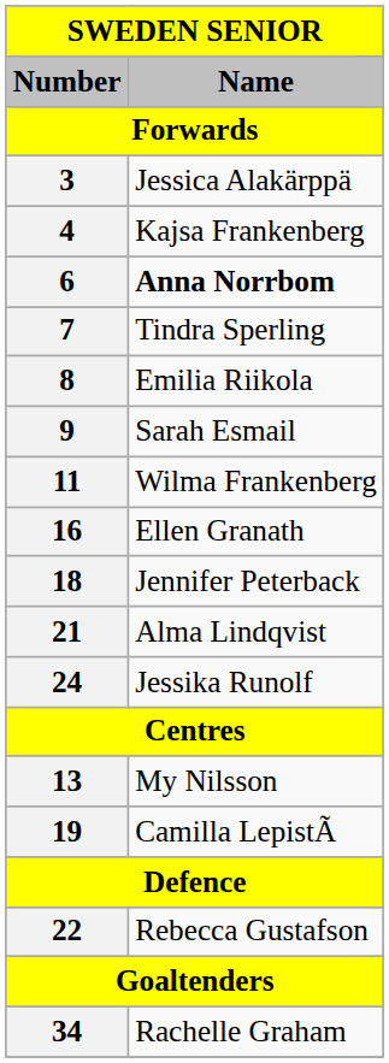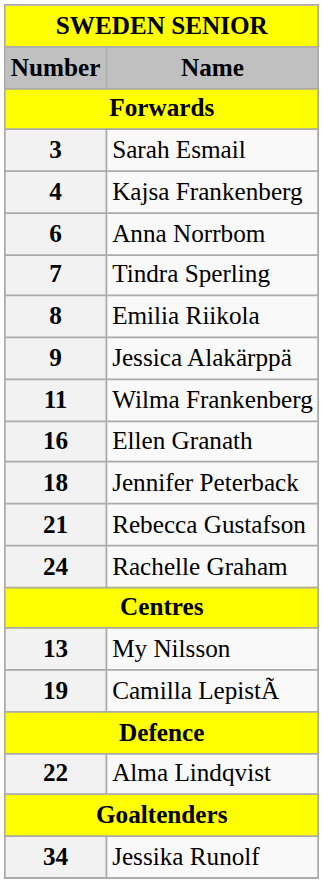 <table class="wikitable" style="text-align:left; font-size:90%;">
 <tr>
 <th style=background:Yellow colspan=3>SWEDEN SENIOR</th>
 </tr>
 <tr>
 <th style="background:silver;">Number</th>
 <th style="background:silver;">Name</th>
 </tr>
 <tr>
 <th style=background:Yellow colspan=3>Forwards</th>
 </tr>
 <tr>
 <th>3</th>
-<td>Jessica Alakärppä </td>
+<td>Sarah Esmail </td>
 </tr>
 <tr>
 <th>4</th>
 <td>Kajsa Frankenberg</td>
 </tr>
 <tr>
 <th>6</th>
-<td><strong>Anna Norrbom</strong></td>
+<td>Anna Norrbom</td>
 </tr>
 <tr>
 <th>7</th>
 <td>Tindra Sperling</td>
 </tr>
 <tr>
 <th>8</th>
 <td>Emilia Riikola</td>
 </tr>
 <tr>
 <th>9</th>
-<td>Sarah Esmail </td>
+<td>Jessica Alakärppä </td>
 </tr>
 <tr>
 <th>11</th>
 <td>Wilma Frankenberg</td>
 </tr>
 <tr>
 <th>16</th>
 <td>Ellen Granath</td>
 </tr>
 <tr>
 <th>18</th>
 <td>Jennifer Peterback</td>
 </tr>
 <tr>
 <th>21</th>
-<td>Alma Lindqvist</td>
+<td>Rebecca Gustafson</td>
 </tr>
 <tr>
 <th>24</th>
-<td>Jessika Runolf</td>
+<td>Rachelle Graham</td>
 </tr>
 <tr>
 <th style=background:Yellow colspan=3>Centres</th>
 </tr>
 <tr>
 <th>13</th>
 <td>My Nilsson</td>
 </tr>
 <tr>
 <th>19</th>
 <td>Camilla LepistÃ</td>
 </tr>
 <tr>
 <th style=background:Yellow colspan=3>Defence</th>
 </tr>
 <tr>
 <th>22</th>
-<td>Rebecca Gustafson</td>
+<td>Alma Lindqvist</td>
 </tr>
 <tr>
 <th style=background:Yellow colspan=3>Goaltenders</th>
 </tr>
 <tr>
 <th>34</th>
-<td>Rachelle Graham</td>
+<td>Jessika Runolf</td>
 </tr>
 <tr>
 </tr>
 </table>
